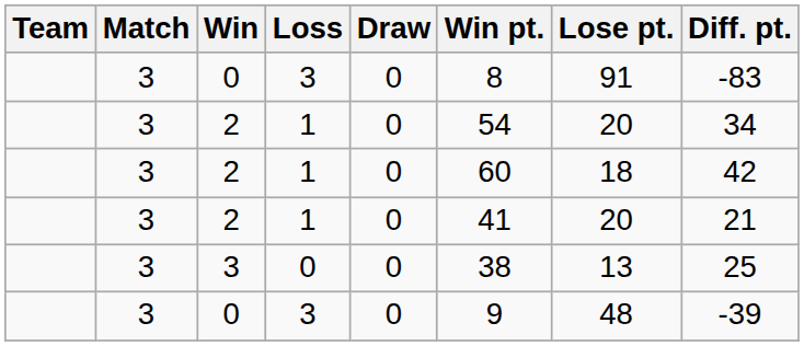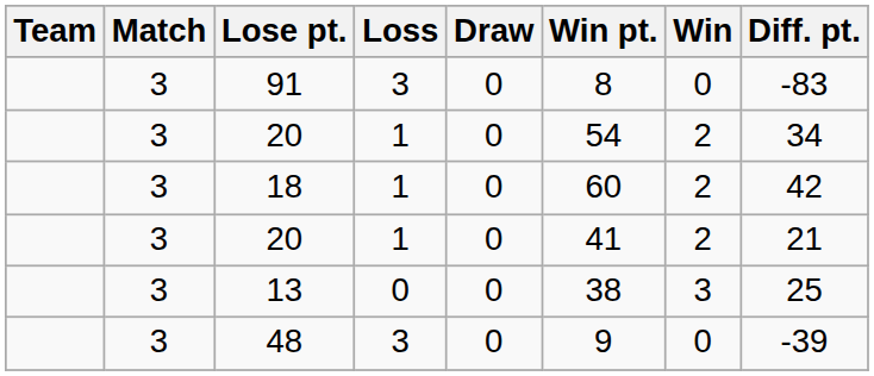 <table class="wikitable sortable static-row-numbers" style="text-align:center;">
 <tr>
 <th>Team</th>
 <th>Match</th>
-<th>Win</th>
+<th>Lose pt.</th>
 <th>Loss</th>
 <th>Draw</th>
 <th>Win pt.</th>
-<th>Lose pt.</th>
+<th>Win</th>
 <th>Diff. pt.</th>
 </tr>
 <tr>
 <td align="left"></td>
 <td>3</td>
-<td>0</td>
+<td>91</td>
 <td>3</td>
 <td>0</td>
 <td>8</td>
-<td>91</td>
+<td>0</td>
 <td>-83</td>
 </tr>
 <tr>
 <td align="left"></td>
 <td>3</td>
-<td>2</td>
+<td>20</td>
 <td>1</td>
 <td>0</td>
 <td>54</td>
-<td>20</td>
+<td>2</td>
 <td>34</td>
 </tr>
 <tr>
 <td align="left"></td>
 <td>3</td>
-<td>2</td>
+<td>18</td>
 <td>1</td>
 <td>0</td>
 <td>60</td>
-<td>18</td>
+<td>2</td>
 <td>42</td>
 </tr>
 <tr>
 <td align="left"></td>
 <td>3</td>
-<td>2</td>
+<td>20</td>
 <td>1</td>
 <td>0</td>
 <td>41</td>
-<td>20</td>
+<td>2</td>
 <td>21</td>
 </tr>
 <tr>
 <td align="left"></td>
 <td>3</td>
-<td>3</td>
+<td>13</td>
 <td>0</td>
 <td>0</td>
 <td>38</td>
-<td>13</td>
+<td>3</td>
 <td>25</td>
 </tr>
 <tr>
 <td align="left"></td>
 <td>3</td>
-<td>0</td>
+<td>48</td>
 <td>3</td>
 <td>0</td>
 <td>9</td>
-<td>48</td>
+<td>0</td>
 <td>-39</td>
 </tr>
 </table>
